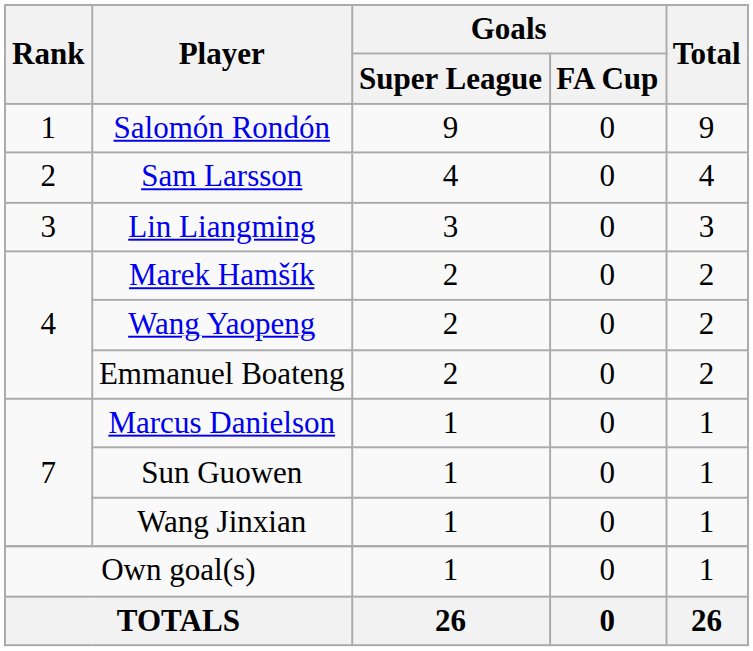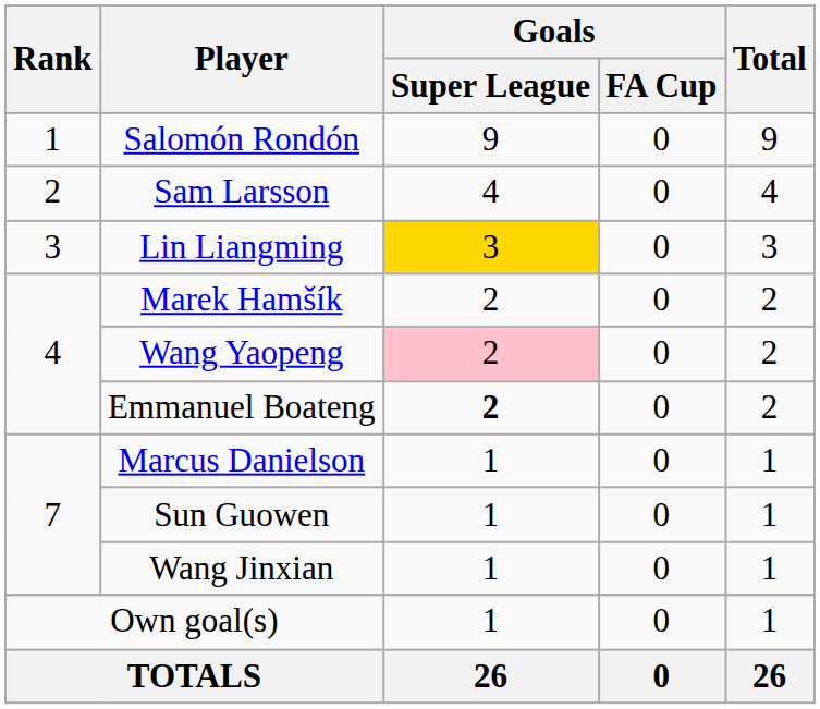 <table class="wikitable" style="text-align:center">
 <tr>
 <th rowspan="2">Rank</th>
 <th rowspan="2">Player</th>
 <th colspan="2">Goals</th>
 <th rowspan="2">Total</th>
 </tr>
 <tr>
 <th>Super League</th>
 <th>FA Cup</th>
 </tr>
 <tr>
 <td>1</td>
 <td><a href='#'>Salomón Rondón</a></td>
 <td>9</td>
 <td>0</td>
 <td>9</td>
 </tr>
 <tr>
 <td>2</td>
 <td><a href='#'>Sam Larsson</a></td>
 <td>4</td>
 <td>0</td>
 <td>4</td>
 </tr>
 <tr>
 <td>3</td>
 <td><a href='#'>Lin Liangming</a></td>
-<td>3</td>
+<td style="background: gold;">3</td>
 <td>0</td>
 <td>3</td>
 </tr>
 <tr>
 <td rowspan="3">4</td>
 <td><a href='#'>Marek Hamšík</a></td>
 <td>2</td>
 <td>0</td>
 <td>2</td>
 </tr>
 <tr>
 <td><a href='#'>Wang Yaopeng</a></td>
-<td>2</td>
+<td style="background: pink;">2</td>
 <td>0</td>
 <td>2</td>
 </tr>
 <tr>
 <td>Emmanuel Boateng</td>
-<td>2</td>
+<td><strong>2</strong></td>
 <td>0</td>
 <td>2</td>
 </tr>
 <tr>
 <td rowspan="3">7</td>
 <td><a href='#'>Marcus Danielson</a></td>
 <td>1</td>
 <td>0</td>
 <td>1</td>
 </tr>
 <tr>
 <td>Sun Guowen</td>
 <td>1</td>
 <td>0</td>
 <td>1</td>
 </tr>
 <tr>
 <td>Wang Jinxian</td>
 <td>1</td>
 <td>0</td>
 <td>1</td>
 </tr>
 <tr>
 </tr>
 <tr class="sortbottom">
 <td colspan=2>Own goal(s)</td>
 <td>1</td>
 <td>0</td>
 <td>1</td>
 </tr>
 <tr class="sortbottom">
 <th colspan="2">TOTALS</th>
 <th>26</th>
 <th>0</th>
 <th>26</th>
 </tr>
 </table>
